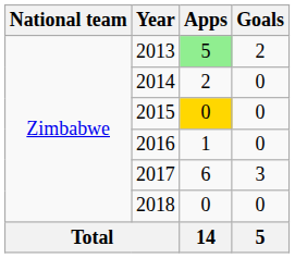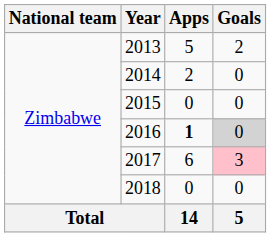 <table class="wikitable" style="text-align:center">
 <tr>
 <th>National team</th>
 <th>Year</th>
 <th>Apps</th>
 <th>Goals</th>
 </tr>
 <tr>
 <td rowspan="6"><a href='#'>Zimbabwe</a></td>
 <td>2013</td>
-<td style="background: lightgreen;">5</td>
+<td>5</td>
 <td>2</td>
 </tr>
 <tr>
 <td>2014</td>
 <td>2</td>
 <td>0</td>
 </tr>
 <tr>
 <td>2015</td>
-<td style="background: gold;">0</td>
+<td>0</td>
 <td>0</td>
 </tr>
 <tr>
 <td>2016</td>
-<td>1</td>
-<td>0</td>
+<td><strong>1</strong></td>
+<td style="background: lightgrey;">0</td>
 </tr>
 <tr>
 <td>2017</td>
 <td>6</td>
-<td>3</td>
+<td style="background: pink;">3</td>
 </tr>
 <tr>
 <td>2018</td>
 <td>0</td>
 <td>0</td>
 </tr>
 <tr>
 <th colspan=2>Total</th>
 <th>14</th>
 <th>5</th>
 </tr>
 </table>
